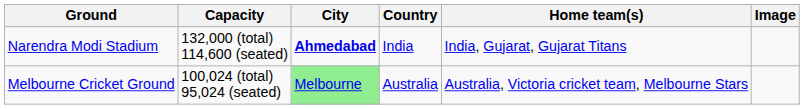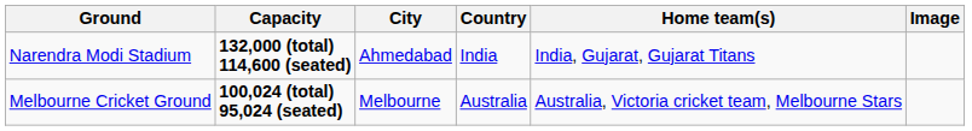 <table class="wikitable sortable">
 <tr>
 <th>Ground</th>
 <th>Capacity</th>
 <th>City</th>
 <th>Country</th>
 <th>Home team(s)</th>
 <th class=unsortable>Image</th>
 </tr>
 <tr>
 <td><a href='#'>Narendra Modi Stadium</a></td>
-<td>132,000 (total)<br>114,600 (seated)</td>
-<td><strong><a href='#'>Ahmedabad</a></strong></td>
+<td><strong>132,000 (total)<br>114,600 (seated)</strong></td>
+<td><a href='#'>Ahmedabad</a></td>
 <td> <a href='#'>India</a></td>
 <td><a href='#'>India</a>, <a href='#'>Gujarat</a>, <a href='#'>Gujarat Titans</a></td>
 <td></td>
 </tr>
 <tr>
 <td><a href='#'>Melbourne Cricket Ground</a></td>
-<td>100,024 (total)<br>95,024 (seated)</td>
-<td style="background: lightgreen;"><a href='#'>Melbourne</a></td>
+<td><strong>100,024 (total)<br>95,024 (seated)</strong></td>
+<td><a href='#'>Melbourne</a></td>
 <td> <a href='#'>Australia</a></td>
 <td><a href='#'>Australia</a>, <a href='#'>Victoria cricket team</a>, <a href='#'>Melbourne Stars</a></td>
 <td></td>
 </tr>
 </table>
